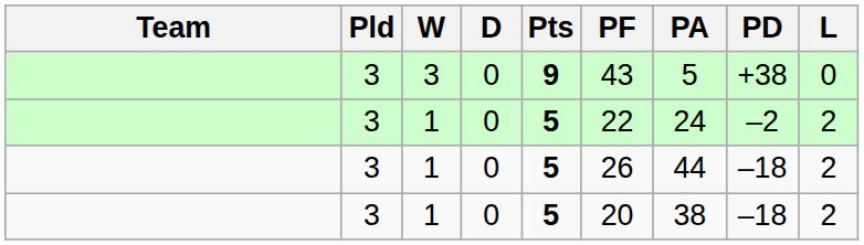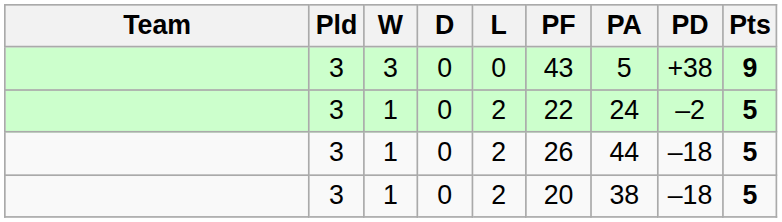 <table class="wikitable" style="text-align:center;">
 <tr>
 <th width=175>Team</th>
 <th width=25 abbr="Played">Pld</th>
 <th width=25 abbr="Won">W</th>
 <th width=25 abbr="Drawn">D</th>
-<th width=25 abbr="Points">Pts</th>
+<th width=25 abbr="Lost">L</th>
 <th width=32 abbr="Points for">PF</th>
 <th width=32 abbr="Points against">PA</th>
 <th width=32 abbr="Points difference">PD</th>
-<th width=25 abbr="Lost">L</th>
+<th width=25 abbr="Points">Pts</th>
 </tr>
 <tr bgcolor=ccffcc>
 <td align=left></td>
 <td>3</td>
 <td>3</td>
 <td>0</td>
-<td><strong>9</strong></td>
+<td>0</td>
 <td>43</td>
 <td>5</td>
 <td>+38</td>
-<td>0</td>
+<td><strong>9</strong></td>
 </tr>
 <tr bgcolor=ccffcc>
 <td align=left></td>
 <td>3</td>
 <td>1</td>
 <td>0</td>
-<td><strong>5</strong></td>
+<td>2</td>
 <td>22</td>
 <td>24</td>
 <td>–2</td>
-<td>2</td>
+<td><strong>5</strong></td>
 </tr>
 <tr>
 <td align=left></td>
 <td>3</td>
 <td>1</td>
 <td>0</td>
-<td><strong>5</strong></td>
+<td>2</td>
 <td>26</td>
 <td>44</td>
 <td>–18</td>
-<td>2</td>
+<td><strong>5</strong></td>
 </tr>
 <tr>
 <td align=left></td>
 <td>3</td>
 <td>1</td>
 <td>0</td>
-<td><strong>5</strong></td>
+<td>2</td>
 <td>20</td>
 <td>38</td>
 <td>–18</td>
-<td>2</td>
+<td><strong>5</strong></td>
 </tr>
 </table>
